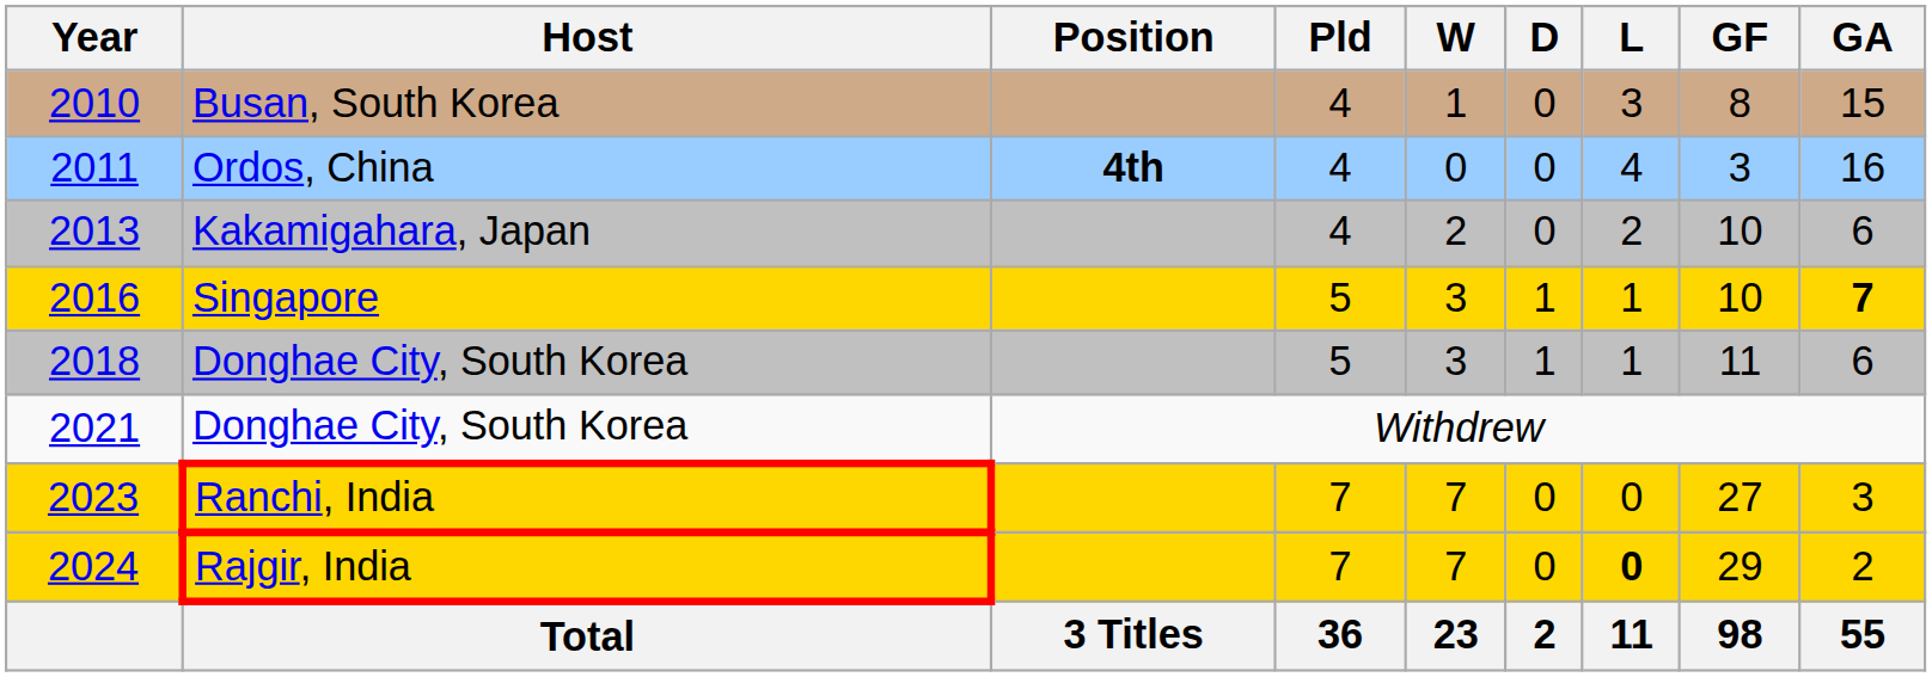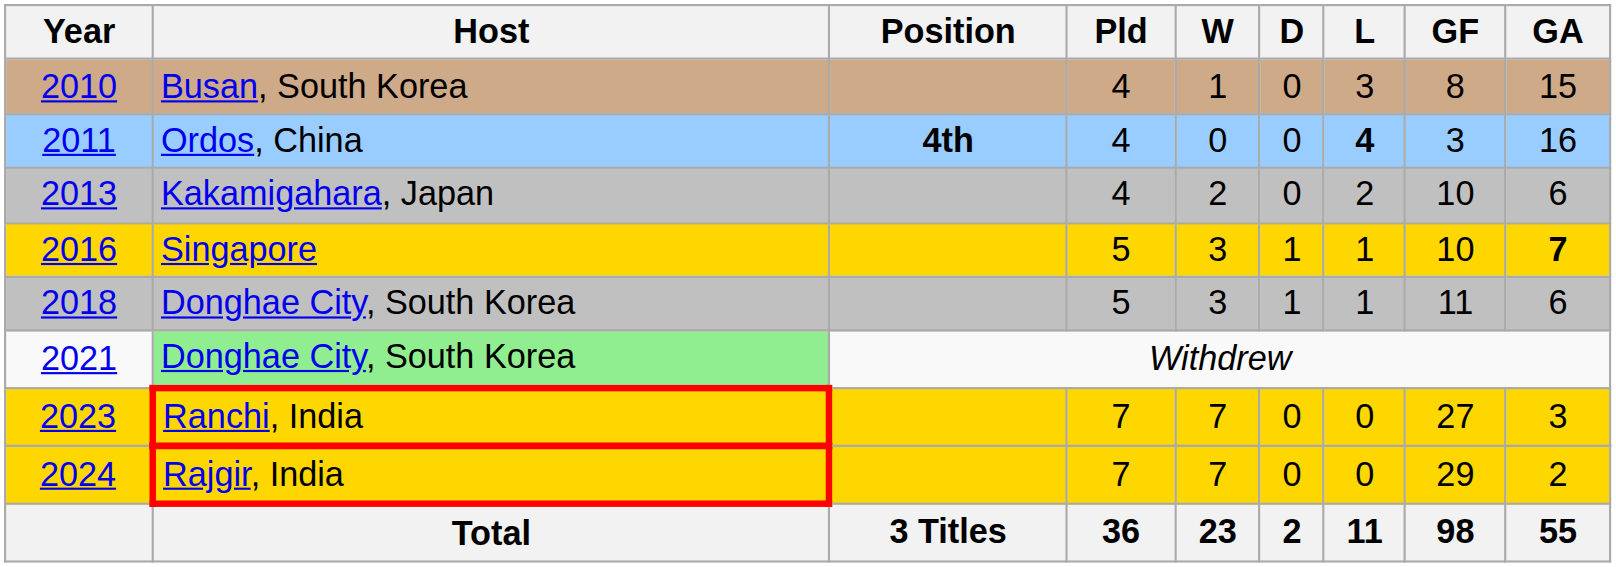 <table class="wikitable" style="text-align: center; width:85%">
 <tr>
 <th>Year</th>
 <th>Host</th>
 <th>Position</th>
 <th>Pld</th>
 <th>W</th>
 <th>D</th>
 <th>L</th>
 <th>GF</th>
 <th>GA</th>
 </tr>
 <tr bgcolor=#CFAA88>
 <td><a href='#'>2010</a></td>
 <td align=left> <a href='#'>Busan</a>, South Korea</td>
 <td></td>
 <td>4</td>
 <td>1</td>
 <td>0</td>
 <td>3</td>
 <td>8</td>
 <td>15</td>
 </tr>
 <tr style="background:#9acdff;">
 <td><a href='#'>2011</a></td>
 <td align=left> <a href='#'>Ordos</a>, China</td>
 <td><strong>4th</strong></td>
 <td>4</td>
 <td>0</td>
 <td>0</td>
-<td>4</td>
+<td><strong>4</strong></td>
 <td>3</td>
 <td>16</td>
 </tr>
 <tr bgcolor=silver>
 <td><a href='#'>2013</a></td>
 <td align=left> <a href='#'>Kakamigahara</a>, Japan</td>
 <td></td>
 <td>4</td>
 <td>2</td>
 <td>0</td>
 <td>2</td>
 <td>10</td>
 <td>6</td>
 </tr>
 <tr bgcolor=gold>
 <td><a href='#'>2016</a></td>
 <td align=left> <a href='#'>Singapore</a></td>
 <td></td>
 <td>5</td>
 <td>3</td>
 <td>1</td>
 <td>1</td>
 <td>10</td>
 <td><strong>7</strong></td>
 </tr>
 <tr bgcolor=silver>
 <td><a href='#'>2018</a></td>
 <td align=left> <a href='#'>Donghae City</a>, South Korea</td>
 <td></td>
 <td>5</td>
 <td>3</td>
 <td>1</td>
 <td>1</td>
 <td>11</td>
 <td>6</td>
 </tr>
 <tr>
 <td><a href='#'>2021</a></td>
-<td align=left> <a href='#'>Donghae City</a>, South Korea</td>
+<td align=left style="background: lightgreen;"> <a href='#'>Donghae City</a>, South Korea</td>
 <td colspan=8><em>Withdrew</em></td>
 </tr>
 <tr bgcolor=gold>
 <td><a href='#'>2023</a></td>
 <td align=left style="border: 3px solid red"> <a href='#'>Ranchi</a>, India</td>
 <td></td>
 <td>7</td>
 <td>7</td>
 <td>0</td>
 <td>0</td>
 <td>27</td>
 <td>3</td>
 </tr>
 <tr>
 </tr>
 <tr bgcolor=gold>
 <td><a href='#'>2024</a></td>
 <td align=left style="border: 3px solid red"> <a href='#'>Rajgir</a>, India</td>
 <td></td>
 <td>7</td>
 <td>7</td>
 <td>0</td>
-<td><strong>0</strong></td>
+<td>0</td>
 <td>29</td>
 <td>2</td>
 </tr>
 <tr>
 <th></th>
 <th>Total</th>
 <th>3 Titles</th>
 <th>36</th>
 <th>23</th>
 <th>2</th>
 <th>11</th>
 <th>98</th>
 <th>55</th>
 </tr>
 </table>
